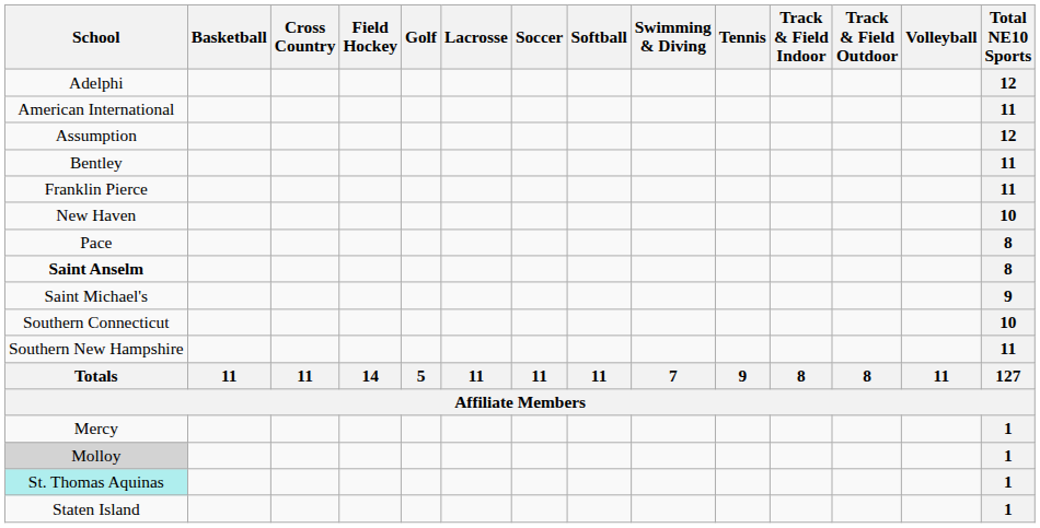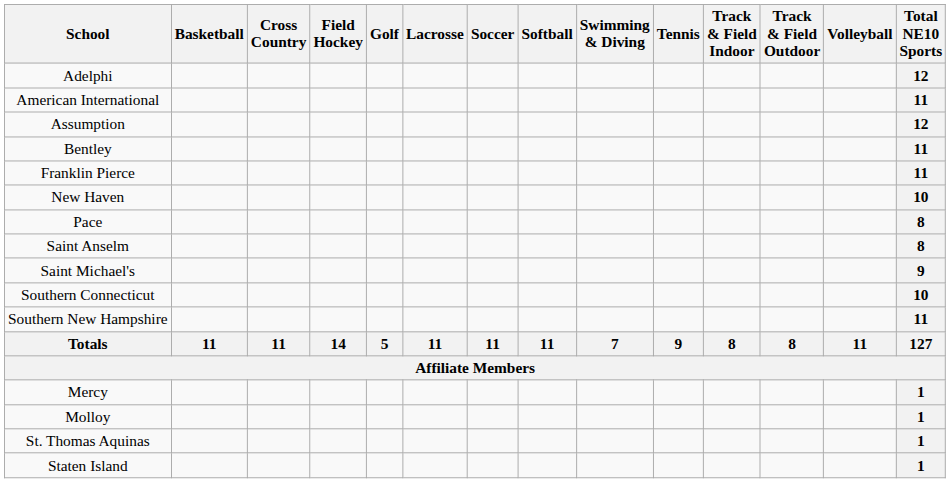 <table class="wikitable" style="text-align:center">
 <tr>
 <th>School</th>
 <th>Basketball</th>
 <th>Cross<br>Country</th>
 <th>Field<br>Hockey</th>
 <th>Golf</th>
 <th>Lacrosse</th>
 <th>Soccer</th>
 <th>Softball</th>
 <th>Swimming<br>& Diving</th>
 <th>Tennis</th>
 <th nowrap>Track<br>& Field<br>Indoor</th>
 <th>Track<br>& Field<br>Outdoor</th>
 <th>Volleyball</th>
 <th>Total<br>NE10<br>Sports</th>
 </tr>
 <tr>
 <td>Adelphi</td>
 <td></td>
 <td></td>
 <td></td>
 <td></td>
 <td></td>
 <td></td>
 <td></td>
 <td></td>
 <td></td>
 <td></td>
 <td></td>
 <td></td>
 <th>12</th>
 </tr>
 <tr>
 <td>American International</td>
 <td></td>
 <td></td>
 <td></td>
 <td></td>
 <td></td>
 <td></td>
 <td></td>
 <td></td>
 <td></td>
 <td></td>
 <td></td>
 <td></td>
 <th>11</th>
 </tr>
 <tr>
 <td>Assumption</td>
 <td></td>
 <td></td>
 <td></td>
 <td></td>
 <td></td>
 <td></td>
 <td></td>
 <td></td>
 <td></td>
 <td></td>
 <td></td>
 <td></td>
 <th>12</th>
 </tr>
 <tr>
 <td>Bentley</td>
 <td></td>
 <td></td>
 <td></td>
 <td></td>
 <td></td>
 <td></td>
 <td></td>
 <td></td>
 <td></td>
 <td></td>
 <td></td>
 <td></td>
 <th>11</th>
 </tr>
 <tr>
 <td>Franklin Pierce</td>
 <td></td>
 <td></td>
 <td></td>
 <td></td>
 <td></td>
 <td></td>
 <td></td>
 <td></td>
 <td></td>
 <td></td>
 <td></td>
 <td></td>
 <th>11</th>
 </tr>
 <tr>
 <td>New Haven</td>
 <td></td>
 <td></td>
 <td></td>
 <td></td>
 <td></td>
 <td></td>
 <td></td>
 <td></td>
 <td></td>
 <td></td>
 <td></td>
 <td></td>
 <th>10</th>
 </tr>
 <tr>
 <td>Pace</td>
 <td></td>
 <td></td>
 <td></td>
 <td></td>
 <td></td>
 <td></td>
 <td></td>
 <td></td>
 <td></td>
 <td></td>
 <td></td>
 <td></td>
 <th>8</th>
 </tr>
 <tr>
-<td><strong>Saint Anselm</strong></td>
+<td>Saint Anselm</td>
 <td></td>
 <td></td>
 <td></td>
 <td></td>
 <td></td>
 <td></td>
 <td></td>
 <td></td>
 <td></td>
 <td></td>
 <td></td>
 <td></td>
 <th>8</th>
 </tr>
 <tr>
 <td>Saint Michael's</td>
 <td></td>
 <td></td>
 <td></td>
 <td></td>
 <td></td>
 <td></td>
 <td></td>
 <td></td>
 <td></td>
 <td></td>
 <td></td>
 <td></td>
 <th>9</th>
 </tr>
 <tr>
 <td>Southern Connecticut</td>
 <td></td>
 <td></td>
 <td></td>
 <td></td>
 <td></td>
 <td></td>
 <td></td>
 <td></td>
 <td></td>
 <td></td>
 <td></td>
 <td></td>
 <th>10</th>
 </tr>
 <tr>
 <td>Southern New Hampshire</td>
 <td></td>
 <td></td>
 <td></td>
 <td></td>
 <td></td>
 <td></td>
 <td></td>
 <td></td>
 <td></td>
 <td></td>
 <td></td>
 <td></td>
 <th>11</th>
 </tr>
 <tr>
 <th>Totals</th>
 <th>11</th>
 <th>11</th>
 <th>14</th>
 <th>5</th>
 <th>11</th>
 <th>11</th>
 <th>11</th>
 <th>7</th>
 <th>9</th>
 <th>8</th>
 <th>8</th>
 <th>11</th>
 <th>127</th>
 </tr>
 <tr>
 <th colspan=14>Affiliate Members</th>
 </tr>
 <tr>
 <td>Mercy</td>
 <td></td>
 <td></td>
 <td></td>
 <td></td>
 <td></td>
 <td></td>
 <td></td>
 <td></td>
 <td></td>
 <td></td>
 <td></td>
 <td></td>
 <th>1</th>
 </tr>
 <tr>
-<td style="background: lightgrey;">Molloy</td>
+<td>Molloy</td>
 <td></td>
 <td></td>
 <td></td>
 <td></td>
 <td></td>
 <td></td>
 <td></td>
 <td></td>
 <td></td>
 <td></td>
 <td></td>
 <td></td>
 <th>1</th>
 </tr>
 <tr>
-<td style="background: paleturquoise;">St. Thomas Aquinas</td>
+<td>St. Thomas Aquinas</td>
 <td></td>
 <td></td>
 <td></td>
 <td></td>
 <td></td>
 <td></td>
 <td></td>
 <td></td>
 <td></td>
 <td></td>
 <td></td>
 <td></td>
 <th>1</th>
 </tr>
 <tr>
 <td>Staten Island</td>
 <td></td>
 <td></td>
 <td></td>
 <td></td>
 <td></td>
 <td></td>
 <td></td>
 <td></td>
 <td></td>
 <td></td>
 <td></td>
 <td></td>
 <th>1</th>
 </tr>
 </table>
